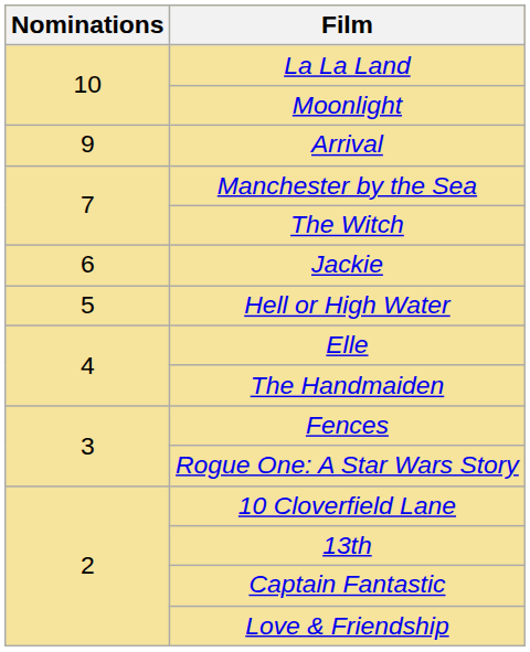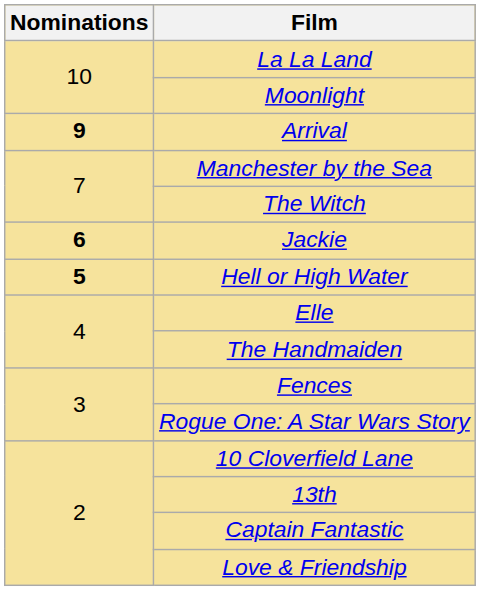 <table class="wikitable plainrowheaders" rowspan=2 style="text-align: center; background: #f6e39c">
 <tr>
 <th scope="col" width="55">Nominations</th>
 <th scope="col" align="center">Film</th>
 </tr>
 <tr>
 <td rowspan="2">10</td>
 <td><em><a href='#'>La La Land</a></em></td>
 </tr>
 <tr>
 <td><em><a href='#'>Moonlight</a></em></td>
 </tr>
 <tr>
-<td>9</td>
+<td><strong>9</strong></td>
 <td><em><a href='#'>Arrival</a></em></td>
 </tr>
 <tr>
 <td rowspan="2">7</td>
 <td><em><a href='#'>Manchester by the Sea</a></em></td>
 </tr>
 <tr>
 <td><em><a href='#'>The Witch</a></em></td>
 </tr>
 <tr>
-<td>6</td>
+<td><strong>6</strong></td>
 <td><em><a href='#'>Jackie</a></em></td>
 </tr>
 <tr>
-<td>5</td>
+<td><strong>5</strong></td>
 <td><em><a href='#'>Hell or High Water</a></em></td>
 </tr>
 <tr>
 <td rowspan="2">4</td>
 <td><em><a href='#'>Elle</a></em></td>
 </tr>
 <tr>
 <td><em><a href='#'>The Handmaiden</a></em></td>
 </tr>
 <tr>
 <td rowspan="2">3</td>
 <td><em><a href='#'>Fences</a></em></td>
 </tr>
 <tr>
 <td><em><a href='#'>Rogue One: A Star Wars Story</a></em></td>
 </tr>
 <tr>
 <td rowspan="4">2</td>
 <td><em><a href='#'>10 Cloverfield Lane</a></em></td>
 </tr>
 <tr>
 <td><em><a href='#'>13th</a></em></td>
 </tr>
 <tr>
 <td><em><a href='#'>Captain Fantastic</a></em></td>
 </tr>
 <tr>
 <td><em><a href='#'>Love & Friendship</a></em></td>
 </tr>
 </table>
